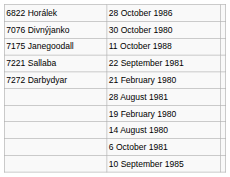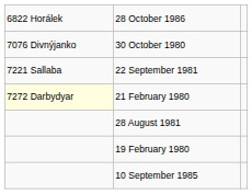 <table class="wikitable" style="font-size: 89%; float: left; width: 26em; margin-right: 1em; height: 280px;">
 <tr>
 <td>6822 Horálek</td>
 <td>28 October 1986</td>
 <td></td>
 </tr>
 <tr>
 <td>7076 Divnýjanko</td>
 <td>30 October 1980</td>
 <td></td>
 </tr>
 <tr>
-<td>7175 Janegoodall</td>
-<td>11 October 1988</td>
-<td></td>
-</tr>
-<tr>
 <td>7221 Sallaba</td>
 <td>22 September 1981</td>
 <td></td>
 </tr>
 <tr>
-<td>7272 Darbydyar</td>
+<td style="background: lightyellow;">7272 Darbydyar</td>
 <td>21 February 1980</td>
 <td></td>
 </tr>
 <tr>
 <td></td>
 <td>28 August 1981</td>
 <td></td>
 </tr>
 <tr>
 <td></td>
 <td>19 February 1980</td>
 <td></td>
 </tr>
 <tr>
 <td></td>
-<td>14 August 1980</td>
-<td></td>
-</tr>
-<tr>
-<td></td>
-<td>6 October 1981</td>
-<td></td>
-</tr>
-<tr>
-<td></td>
 <td>10 September 1985</td>
 <td></td>
 </tr>
 </table>
